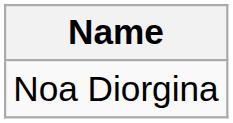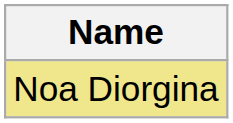 <table class="wikitable">
 <tr>
 <th>Name</th>
 </tr>
 <tr>
-<td> Noa Diorgina</td>
+<td style="background: khaki;"> Noa Diorgina</td>
 </tr>
 </table>
